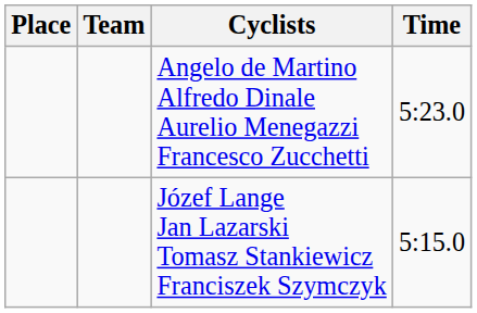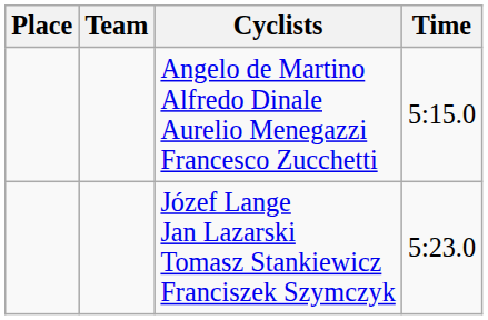 <table class=wikitable style="text-align:center">
 <tr>
 <th>Place</th>
 <th>Team</th>
 <th>Cyclists</th>
 <th>Time</th>
 </tr>
 <tr>
 <td></td>
 <td align=left></td>
 <td align=left><a href='#'>Angelo de Martino</a> <br> <a href='#'>Alfredo Dinale</a> <br> <a href='#'>Aurelio Menegazzi</a> <br> <a href='#'>Francesco Zucchetti</a></td>
-<td>5:23.0</td>
+<td>5:15.0</td>
 </tr>
 <tr>
 <td></td>
 <td align=left></td>
 <td align=left><a href='#'>Józef Lange</a> <br> <a href='#'>Jan Lazarski</a> <br> <a href='#'>Tomasz Stankiewicz</a> <br> <a href='#'>Franciszek Szymczyk</a></td>
-<td>5:15.0</td>
+<td>5:23.0</td>
 </tr>
 </table>
